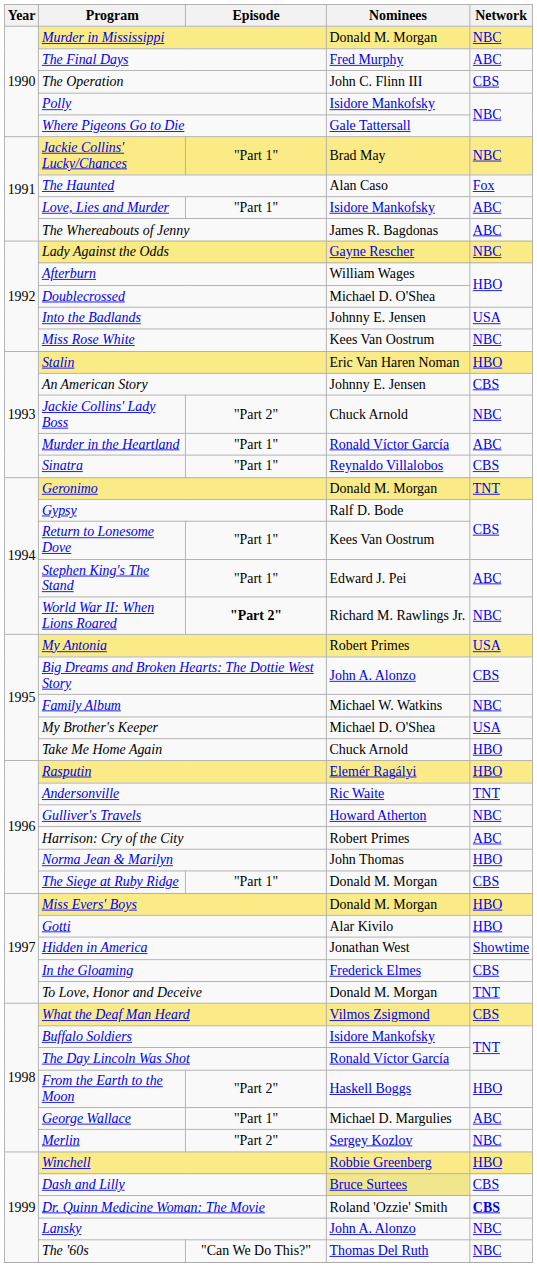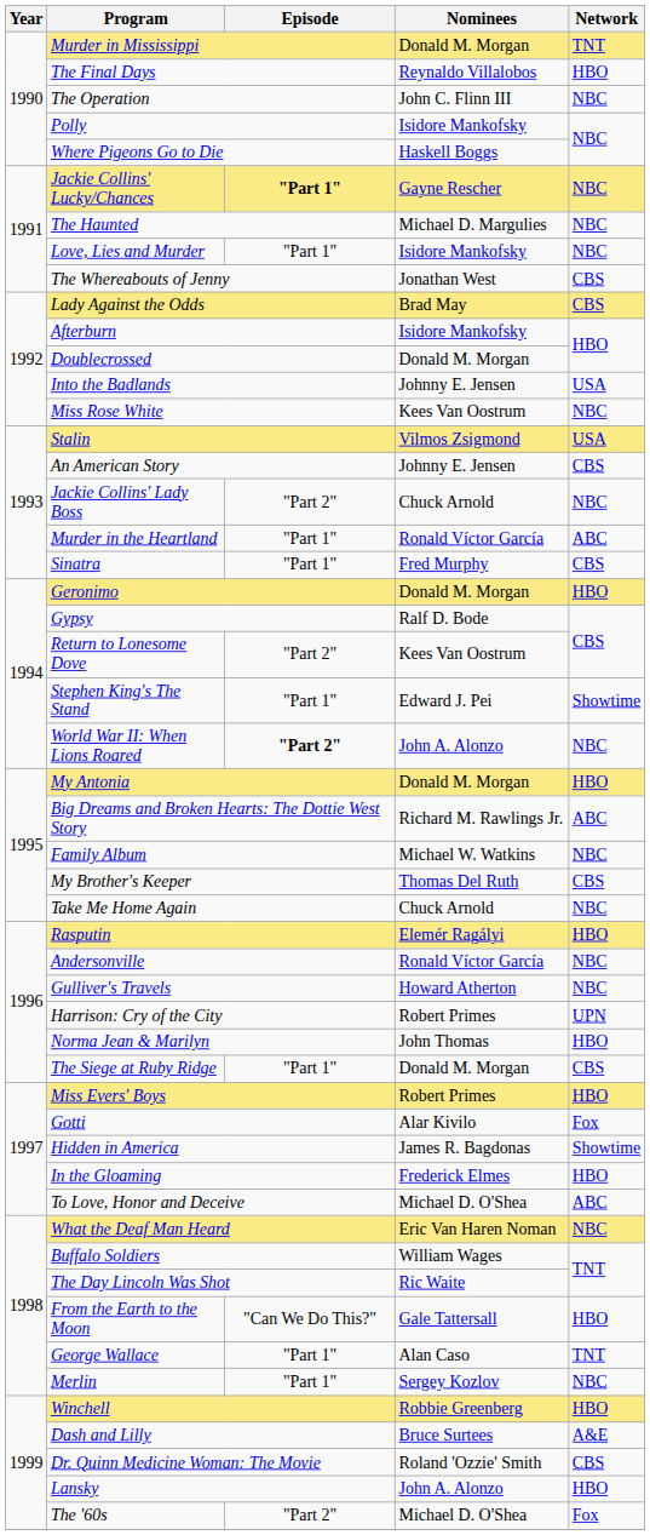 <table class="wikitable">
 <tr>
 <th width="5%">Year</th>
 <th width="30%">Program</th>
 <th width="30%">Episode</th>
 <th width="30%">Nominees</th>
 <th width="5%">Network</th>
 </tr>
 <tr>
 <td rowspan="5" style="text-align:center;">1990<br></td>
 <td style="background:#FAEB86;" colspan=2><em><a href='#'>Murder in Mississippi</a></em></td>
 <td style="background:#FAEB86;">Donald M. Morgan</td>
-<td style="background:#FAEB86;"><a href='#'>NBC</a></td>
+<td style="background:#FAEB86;"><a href='#'>TNT</a></td>
 </tr>
 <tr>
 <td colspan=2><em><a href='#'>The Final Days</a></em></td>
-<td><a href='#'>Fred Murphy</a></td>
-<td><a href='#'>ABC</a></td>
+<td><a href='#'>Reynaldo Villalobos</a></td>
+<td><a href='#'>HBO</a></td>
 </tr>
 <tr>
 <td colspan=2><em>The Operation</em></td>
 <td>John C. Flinn III</td>
-<td><a href='#'>CBS</a></td>
+<td><a href='#'>NBC</a></td>
 </tr>
 <tr>
 <td colspan=2><em><a href='#'>Polly</a></em></td>
 <td><a href='#'>Isidore Mankofsky</a></td>
 <td rowspan=2><a href='#'>NBC</a></td>
 </tr>
 <tr>
 <td colspan=2><em><a href='#'>Where Pigeons Go to Die</a></em></td>
-<td><a href='#'>Gale Tattersall</a></td>
+<td><a href='#'>Haskell Boggs</a></td>
 </tr>
 <tr>
 <td rowspan="4" style="text-align:center;">1991<br></td>
 <td style="background:#FAEB86;"><em><a href='#'>Jackie Collins' Lucky/Chances</a></em></td>
-<td style="background:#FAEB86;" align=center>"Part 1"</td>
-<td style="background:#FAEB86;">Brad May</td>
+<td style="background:#FAEB86;" align=center><strong>"Part 1"</strong></td>
+<td style="background:#FAEB86;"><a href='#'>Gayne Rescher</a></td>
 <td style="background:#FAEB86;"><a href='#'>NBC</a></td>
 </tr>
 <tr>
 <td colspan=2><em><a href='#'>The Haunted</a></em></td>
-<td>Alan Caso</td>
-<td><a href='#'>Fox</a></td>
+<td>Michael D. Margulies</td>
+<td><a href='#'>NBC</a></td>
 </tr>
 <tr>
 <td><em><a href='#'>Love, Lies and Murder</a></em></td>
 <td align=center>"Part 1"</td>
 <td><a href='#'>Isidore Mankofsky</a></td>
-<td><a href='#'>ABC</a></td>
+<td><a href='#'>NBC</a></td>
 </tr>
 <tr>
 <td colspan=2><em>The Whereabouts of Jenny</em></td>
-<td>James R. Bagdonas</td>
-<td><a href='#'>ABC</a></td>
+<td>Jonathan West</td>
+<td><a href='#'>CBS</a></td>
 </tr>
 <tr>
 <td rowspan="5" style="text-align:center;">1992<br></td>
 <td style="background:#FAEB86;" colspan=2><em>Lady Against the Odds</em></td>
-<td style="background:#FAEB86;"><a href='#'>Gayne Rescher</a></td>
-<td style="background:#FAEB86;"><a href='#'>NBC</a></td>
+<td style="background:#FAEB86;">Brad May</td>
+<td style="background:#FAEB86;"><a href='#'>CBS</a></td>
 </tr>
 <tr>
 <td colspan=2><em><a href='#'>Afterburn</a></em></td>
-<td>William Wages</td>
+<td><a href='#'>Isidore Mankofsky</a></td>
 <td rowspan=2><a href='#'>HBO</a></td>
 </tr>
 <tr>
 <td colspan=2><em><a href='#'>Doublecrossed</a></em></td>
-<td>Michael D. O'Shea</td>
+<td>Donald M. Morgan</td>
 </tr>
 <tr>
 <td colspan=2><em><a href='#'>Into the Badlands</a></em></td>
 <td>Johnny E. Jensen</td>
 <td><a href='#'>USA</a></td>
 </tr>
 <tr>
 <td colspan=2><em><a href='#'>Miss Rose White</a></em></td>
 <td>Kees Van Oostrum</td>
 <td><a href='#'>NBC</a></td>
 </tr>
 <tr>
 <td rowspan="5" style="text-align:center;">1993<br></td>
 <td style="background:#FAEB86;" colspan=2><em><a href='#'>Stalin</a></em></td>
-<td style="background:#FAEB86;">Eric Van Haren Noman</td>
-<td style="background:#FAEB86;"><a href='#'>HBO</a></td>
+<td style="background:#FAEB86;"><a href='#'>Vilmos Zsigmond</a></td>
+<td style="background:#FAEB86;"><a href='#'>USA</a></td>
 </tr>
 <tr>
 <td colspan=2><em>An American Story</em></td>
 <td>Johnny E. Jensen</td>
 <td><a href='#'>CBS</a></td>
 </tr>
 <tr>
 <td><em><a href='#'>Jackie Collins' Lady Boss</a></em></td>
 <td align=center>"Part 2"</td>
 <td>Chuck Arnold</td>
 <td><a href='#'>NBC</a></td>
 </tr>
 <tr>
 <td><em><a href='#'>Murder in the Heartland</a></em></td>
 <td align=center>"Part 1"</td>
 <td><a href='#'>Ronald Víctor García</a></td>
 <td><a href='#'>ABC</a></td>
 </tr>
 <tr>
 <td><em><a href='#'>Sinatra</a></em></td>
 <td align=center>"Part 1"</td>
-<td><a href='#'>Reynaldo Villalobos</a></td>
+<td><a href='#'>Fred Murphy</a></td>
 <td><a href='#'>CBS</a></td>
 </tr>
 <tr>
 <td rowspan="5" style="text-align:center;">1994<br></td>
 <td style="background:#FAEB86;" colspan=2><em><a href='#'>Geronimo</a></em></td>
 <td style="background:#FAEB86;">Donald M. Morgan</td>
-<td style="background:#FAEB86;"><a href='#'>TNT</a></td>
+<td style="background:#FAEB86;"><a href='#'>HBO</a></td>
 </tr>
 <tr>
 <td colspan=2><em><a href='#'>Gypsy</a></em></td>
 <td>Ralf D. Bode</td>
 <td rowspan=2><a href='#'>CBS</a></td>
 </tr>
 <tr>
 <td><em><a href='#'>Return to Lonesome Dove</a></em></td>
-<td align=center>"Part 1"</td>
+<td align=center>"Part 2"</td>
 <td>Kees Van Oostrum</td>
 </tr>
 <tr>
 <td><em><a href='#'>Stephen King's The Stand</a></em></td>
 <td align=center>"Part 1"</td>
 <td>Edward J. Pei</td>
-<td><a href='#'>ABC</a></td>
+<td><a href='#'>Showtime</a></td>
 </tr>
 <tr>
 <td><em><a href='#'>World War II: When Lions Roared</a></em></td>
 <td align=center><strong>"Part 2"</strong></td>
-<td>Richard M. Rawlings Jr.</td>
+<td><a href='#'>John A. Alonzo</a></td>
 <td><a href='#'>NBC</a></td>
 </tr>
 <tr>
 <td rowspan="5" style="text-align:center;">1995<br></td>
 <td style="background:#FAEB86;" colspan=2><em><a href='#'>My Antonia</a></em></td>
-<td style="background:#FAEB86;">Robert Primes</td>
-<td style="background:#FAEB86;"><a href='#'>USA</a></td>
+<td style="background:#FAEB86;">Donald M. Morgan</td>
+<td style="background:#FAEB86;"><a href='#'>HBO</a></td>
 </tr>
 <tr>
 <td colspan=2><em><a href='#'>Big Dreams and Broken Hearts: The Dottie West Story</a></em></td>
-<td><a href='#'>John A. Alonzo</a></td>
-<td><a href='#'>CBS</a></td>
+<td>Richard M. Rawlings Jr.</td>
+<td><a href='#'>ABC</a></td>
 </tr>
 <tr>
 <td colspan=2><em><a href='#'>Family Album</a></em></td>
 <td>Michael W. Watkins</td>
 <td><a href='#'>NBC</a></td>
 </tr>
 <tr>
 <td colspan=2><em>My Brother's Keeper</em></td>
-<td>Michael D. O'Shea</td>
-<td><a href='#'>USA</a></td>
+<td><a href='#'>Thomas Del Ruth</a></td>
+<td><a href='#'>CBS</a></td>
 </tr>
 <tr>
 <td colspan=2><em>Take Me Home Again</em></td>
 <td>Chuck Arnold</td>
-<td><a href='#'>HBO</a></td>
+<td><a href='#'>NBC</a></td>
 </tr>
 <tr>
 <td rowspan="6" style="text-align:center;">1996<br></td>
 <td style="background:#FAEB86;" colspan=2><em><a href='#'>Rasputin</a></em></td>
 <td style="background:#FAEB86;"><a href='#'>Elemér Ragályi</a></td>
 <td style="background:#FAEB86;"><a href='#'>HBO</a></td>
 </tr>
 <tr>
 <td colspan=2><em><a href='#'>Andersonville</a></em></td>
-<td><a href='#'>Ric Waite</a></td>
-<td><a href='#'>TNT</a></td>
+<td><a href='#'>Ronald Víctor García</a></td>
+<td><a href='#'>NBC</a></td>
 </tr>
 <tr>
 <td colspan=2><em><a href='#'>Gulliver's Travels</a></em></td>
 <td><a href='#'>Howard Atherton</a></td>
 <td><a href='#'>NBC</a></td>
 </tr>
 <tr>
 <td colspan=2><em>Harrison: Cry of the City</em></td>
 <td>Robert Primes</td>
-<td><a href='#'>ABC</a></td>
+<td><a href='#'>UPN</a></td>
 </tr>
 <tr>
 <td colspan=2><em><a href='#'>Norma Jean & Marilyn</a></em></td>
 <td>John Thomas</td>
 <td><a href='#'>HBO</a></td>
 </tr>
 <tr>
 <td><em><a href='#'>The Siege at Ruby Ridge</a></em></td>
 <td align=center>"Part 1"</td>
 <td>Donald M. Morgan</td>
 <td><a href='#'>CBS</a></td>
 </tr>
 <tr>
 <td rowspan="5" style="text-align:center;">1997<br></td>
 <td style="background:#FAEB86;" colspan=2><em><a href='#'>Miss Evers' Boys</a></em></td>
-<td style="background:#FAEB86;">Donald M. Morgan</td>
+<td style="background:#FAEB86;">Robert Primes</td>
 <td style="background:#FAEB86;"><a href='#'>HBO</a></td>
 </tr>
 <tr>
 <td colspan=2><em><a href='#'>Gotti</a></em></td>
 <td>Alar Kivilo</td>
-<td><a href='#'>HBO</a></td>
+<td><a href='#'>Fox</a></td>
 </tr>
 <tr>
 <td colspan=2><em><a href='#'>Hidden in America</a></em></td>
-<td>Jonathan West</td>
+<td>James R. Bagdonas</td>
 <td><a href='#'>Showtime</a></td>
 </tr>
 <tr>
 <td colspan=2><em><a href='#'>In the Gloaming</a></em></td>
 <td><a href='#'>Frederick Elmes</a></td>
-<td><a href='#'>CBS</a></td>
+<td><a href='#'>HBO</a></td>
 </tr>
 <tr>
 <td colspan=2><em>To Love, Honor and Deceive</em></td>
-<td>Donald M. Morgan</td>
-<td><a href='#'>TNT</a></td>
+<td>Michael D. O'Shea</td>
+<td><a href='#'>ABC</a></td>
 </tr>
 <tr>
 <td rowspan="6" style="text-align:center;">1998<br></td>
 <td style="background:#FAEB86;" colspan=2><em><a href='#'>What the Deaf Man Heard</a></em></td>
-<td style="background:#FAEB86;"><a href='#'>Vilmos Zsigmond</a></td>
-<td style="background:#FAEB86;"><a href='#'>CBS</a></td>
+<td style="background:#FAEB86;">Eric Van Haren Noman</td>
+<td style="background:#FAEB86;"><a href='#'>NBC</a></td>
 </tr>
 <tr>
 <td colspan=2><em><a href='#'>Buffalo Soldiers</a></em></td>
-<td><a href='#'>Isidore Mankofsky</a></td>
+<td>William Wages</td>
 <td rowspan=2><a href='#'>TNT</a></td>
 </tr>
 <tr>
 <td colspan=2><em><a href='#'>The Day Lincoln Was Shot</a></em></td>
-<td><a href='#'>Ronald Víctor García</a></td>
+<td><a href='#'>Ric Waite</a></td>
 </tr>
 <tr>
 <td><em><a href='#'>From the Earth to the Moon</a></em></td>
-<td align=center>"Part 2"</td>
-<td><a href='#'>Haskell Boggs</a></td>
+<td align=center>"Can We Do This?"</td>
+<td><a href='#'>Gale Tattersall</a></td>
 <td><a href='#'>HBO</a></td>
 </tr>
 <tr>
 <td><em><a href='#'>George Wallace</a></em></td>
 <td align=center>"Part 1"</td>
-<td>Michael D. Margulies</td>
-<td><a href='#'>ABC</a></td>
+<td>Alan Caso</td>
+<td><a href='#'>TNT</a></td>
 </tr>
 <tr>
 <td><em><a href='#'>Merlin</a></em></td>
-<td align=center>"Part 2"</td>
+<td align=center>"Part 1"</td>
 <td><a href='#'>Sergey Kozlov</a></td>
 <td><a href='#'>NBC</a></td>
 </tr>
 <tr>
 <td rowspan="5" style="text-align:center;">1999<br></td>
 <td style="background:#FAEB86;" colspan=2><em><a href='#'>Winchell</a></em></td>
 <td style="background:#FAEB86;"><a href='#'>Robbie Greenberg</a></td>
 <td style="background:#FAEB86;"><a href='#'>HBO</a></td>
 </tr>
 <tr>
 <td colspan=2><em><a href='#'>Dash and Lilly</a></em></td>
-<td style="background: khaki;"><a href='#'>Bruce Surtees</a></td>
-<td><a href='#'>CBS</a></td>
+<td><a href='#'>Bruce Surtees</a></td>
+<td><a href='#'>A&E</a></td>
 </tr>
 <tr>
 <td colspan=2><em><a href='#'>Dr. Quinn Medicine Woman: The Movie</a></em></td>
 <td>Roland 'Ozzie' Smith</td>
-<td><strong><a href='#'>CBS</a></strong></td>
+<td><a href='#'>CBS</a></td>
 </tr>
 <tr>
 <td colspan=2><em><a href='#'>Lansky</a></em></td>
 <td><a href='#'>John A. Alonzo</a></td>
-<td><a href='#'>NBC</a></td>
+<td><a href='#'>HBO</a></td>
 </tr>
 <tr>
 <td><em>The '60s</em></td>
-<td align=center>"Can We Do This?"</td>
-<td><a href='#'>Thomas Del Ruth</a></td>
-<td><a href='#'>NBC</a></td>
+<td align=center>"Part 2"</td>
+<td>Michael D. O'Shea</td>
+<td><a href='#'>Fox</a></td>
 </tr>
 <tr>
 </tr>
 </table>
